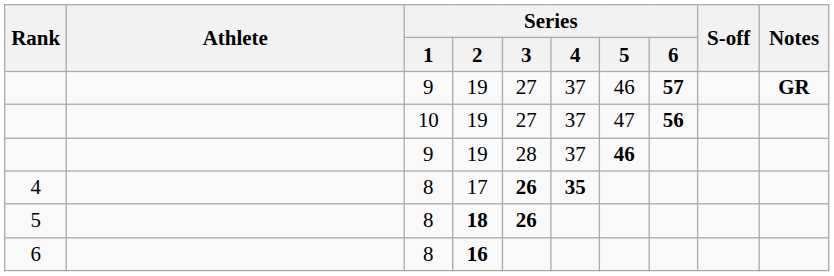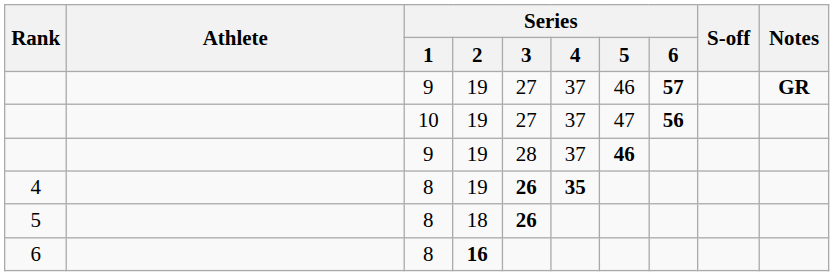 <table class="wikitable" style="text-align:center">
 <tr>
 <th rowspan=2 width=40>Rank</th>
 <th rowspan=2 width=250>Athlete</th>
 <th colspan=6>Series</th>
 <th rowspan=2 width=40>S-off</th>
 <th rowspan=2 width=45>Notes</th>
 </tr>
 <tr>
 <th width=30>1</th>
 <th width=30>2</th>
 <th width=30>3</th>
 <th width=30>4</th>
 <th width=30>5</th>
 <th width=30>6</th>
 </tr>
 <tr>
 <td></td>
 <td align=left></td>
 <td>9</td>
 <td>19</td>
 <td>27</td>
 <td>37</td>
 <td>46</td>
 <td><strong>57</strong></td>
 <td></td>
 <td><strong>GR</strong></td>
 </tr>
 <tr>
 <td></td>
 <td align=left></td>
 <td>10</td>
 <td>19</td>
 <td>27</td>
 <td>37</td>
 <td>47</td>
 <td><strong>56</strong></td>
 <td></td>
 <td></td>
 </tr>
 <tr>
 <td></td>
 <td align=left></td>
 <td>9</td>
 <td>19</td>
 <td>28</td>
 <td>37</td>
 <td><strong>46</strong></td>
 <td></td>
 <td></td>
 <td></td>
 </tr>
 <tr>
 <td>4</td>
 <td align=left></td>
 <td>8</td>
-<td>17</td>
+<td>19</td>
 <td><strong>26</strong></td>
 <td><strong>35</strong></td>
 <td></td>
 <td></td>
 <td></td>
 <td></td>
 </tr>
 <tr>
 <td>5</td>
 <td align=left></td>
 <td>8</td>
-<td><strong>18</strong></td>
+<td>18</td>
 <td><strong>26</strong></td>
 <td></td>
 <td></td>
 <td></td>
 <td></td>
 <td></td>
 </tr>
 <tr>
 <td>6</td>
 <td align=left></td>
 <td>8</td>
 <td><strong>16</strong></td>
 <td></td>
 <td></td>
 <td></td>
 <td></td>
 <td></td>
 <td></td>
 </tr>
 </table>
